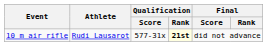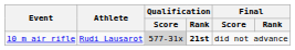 <table class="wikitable" style="font-size:90%">
 <tr>
 <th rowspan="2">Event</th>
 <th rowspan="2">Athlete</th>
 <th colspan="2">Qualification</th>
 <th colspan="2">Final</th>
 </tr>
 <tr>
 <th>Score</th>
 <th>Rank</th>
 <th>Score</th>
 <th>Rank</th>
 </tr>
 <tr>
 <td><a href='#'>10 m air rifle</a></td>
 <td><a href='#'>Rudi Lausarot</a></td>
-<td align=center>577-31x</td>
-<td align=center style="background: lightyellow;"><strong>21st</strong></td>
+<td align=center style="background: lightgrey;">577-31x</td>
+<td align=center><strong>21st</strong></td>
 <td align=center colspan=2>did not advance</td>
 </tr>
 </table>
